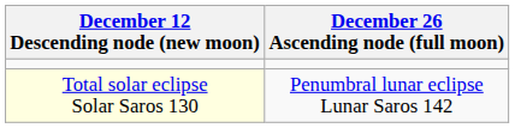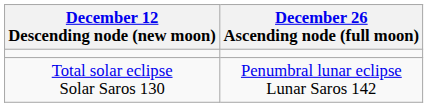 <table class="wikitable">
 <tr>
 <th><a href='#'>December 12</a><br>Descending node (new moon)<br></th>
 <th><a href='#'>December 26</a><br>Ascending node (full moon)<br></th>
 </tr>
 <tr>
 <td></td>
 <td></td>
 </tr>
 <tr align=center>
-<td style="background: lightyellow;"><a href='#'>Total solar eclipse</a><br>Solar Saros 130</td>
+<td><a href='#'>Total solar eclipse</a><br>Solar Saros 130</td>
 <td><a href='#'>Penumbral lunar eclipse</a><br>Lunar Saros 142</td>
 </tr>
 </table>
